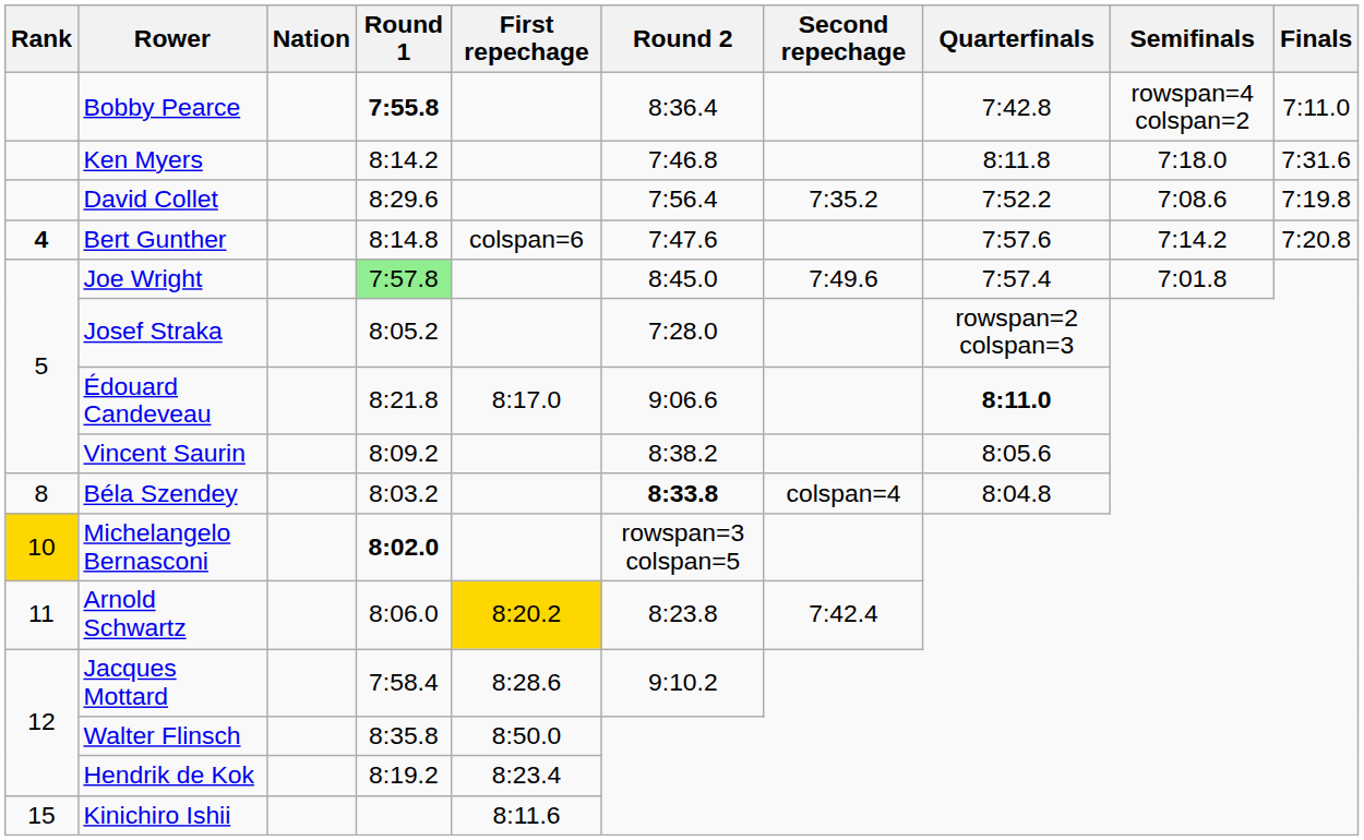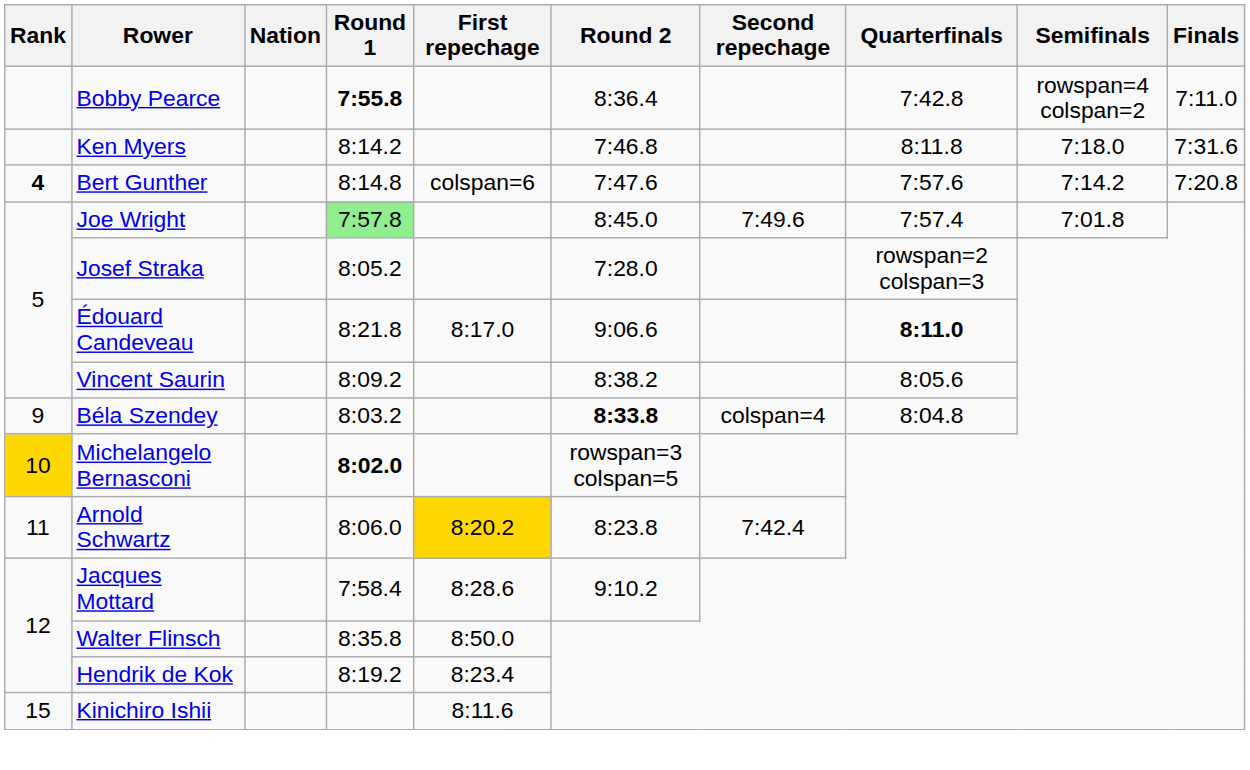 <table class="wikitable" style="text-align:center">
 <tr>
 <th>Rank</th>
 <th>Rower</th>
 <th>Nation</th>
 <th>Round 1</th>
 <th>First repechage</th>
 <th>Round 2</th>
 <th>Second repechage</th>
 <th>Quarterfinals</th>
 <th>Semifinals</th>
 <th>Finals</th>
 </tr>
 <tr>
 <td></td>
 <td align=left><a href='#'>Bobby Pearce</a></td>
 <td align=left></td>
 <td><strong>7:55.8</strong></td>
 <td></td>
 <td>8:36.4</td>
 <td></td>
 <td>7:42.8</td>
 <td>rowspan=4 colspan=2 </td>
 <td>7:11.0</td>
 </tr>
 <tr>
 <td></td>
 <td align=left><a href='#'>Ken Myers</a></td>
 <td align=left></td>
 <td>8:14.2</td>
 <td></td>
 <td>7:46.8</td>
 <td></td>
 <td>8:11.8</td>
 <td>7:18.0</td>
 <td>7:31.6</td>
-</tr>
-<tr>
-<td></td>
-<td align=left><a href='#'>David Collet</a></td>
-<td align=left></td>
-<td>8:29.6</td>
-<td></td>
-<td>7:56.4</td>
-<td>7:35.2</td>
-<td>7:52.2</td>
-<td>7:08.6</td>
-<td>7:19.8</td>
 </tr>
 <tr>
 <td><strong>4</strong></td>
 <td align=left><a href='#'>Bert Gunther</a></td>
 <td align=left></td>
 <td>8:14.8</td>
 <td>colspan=6 </td>
 <td>7:47.6</td>
 <td></td>
 <td>7:57.6</td>
 <td>7:14.2</td>
 <td>7:20.8</td>
 </tr>
 <tr>
 <td rowspan=4>5</td>
 <td align=left><a href='#'>Joe Wright</a></td>
 <td align=left></td>
 <td style="background: lightgreen;">7:57.8</td>
 <td></td>
 <td>8:45.0</td>
 <td>7:49.6</td>
 <td>7:57.4</td>
 <td>7:01.8</td>
 </tr>
 <tr>
 <td align=left><a href='#'>Josef Straka</a></td>
 <td align=left></td>
 <td>8:05.2</td>
 <td></td>
 <td>7:28.0</td>
 <td></td>
 <td>rowspan=2 colspan=3 </td>
 </tr>
 <tr>
 <td align=left><a href='#'>Édouard Candeveau</a></td>
 <td align=left></td>
 <td>8:21.8</td>
 <td>8:17.0</td>
 <td>9:06.6</td>
 <td></td>
 <td><strong>8:11.0</strong></td>
 </tr>
 <tr>
 <td align=left><a href='#'>Vincent Saurin</a></td>
 <td align=left></td>
 <td>8:09.2</td>
 <td></td>
 <td>8:38.2</td>
 <td></td>
 <td>8:05.6</td>
 </tr>
 <tr>
-<td>8</td>
+<td>9</td>
 <td align=left><a href='#'>Béla Szendey</a></td>
 <td align=left></td>
 <td>8:03.2</td>
 <td></td>
 <td><strong>8:33.8</strong></td>
 <td>colspan=4 </td>
 <td>8:04.8</td>
 </tr>
 <tr>
 <td style="background: gold;">10</td>
 <td align=left><a href='#'>Michelangelo Bernasconi</a></td>
 <td align=left></td>
 <td><strong>8:02.0</strong></td>
 <td></td>
 <td>rowspan=3 colspan=5 </td>
 <td data-sort-value=9:99.9></td>
 </tr>
 <tr>
 <td>11</td>
 <td align=left><a href='#'>Arnold Schwartz</a></td>
 <td align=left></td>
 <td>8:06.0</td>
 <td style="background: gold;">8:20.2</td>
 <td>8:23.8</td>
 <td>7:42.4</td>
 </tr>
 <tr>
 <td rowspan=3>12</td>
 <td align=left><a href='#'>Jacques Mottard</a></td>
 <td align=left></td>
 <td>7:58.4</td>
 <td>8:28.6</td>
 <td>9:10.2</td>
 </tr>
 <tr>
 <td align=left><a href='#'>Walter Flinsch</a></td>
 <td align=left></td>
 <td>8:35.8</td>
 <td>8:50.0</td>
 </tr>
 <tr>
 <td align=left><a href='#'>Hendrik de Kok</a></td>
 <td align=left></td>
 <td>8:19.2</td>
 <td>8:23.4</td>
 </tr>
 <tr>
 <td>15</td>
 <td align=left><a href='#'>Kinichiro Ishii</a></td>
 <td align=left></td>
 <td data-sort-value=9:99.9></td>
 <td>8:11.6</td>
 </tr>
 </table>
